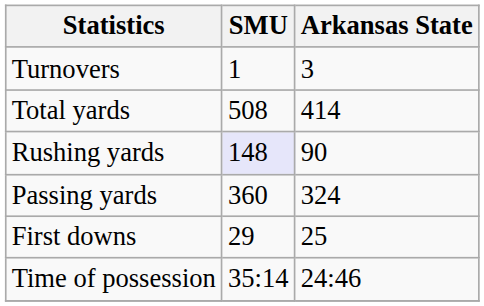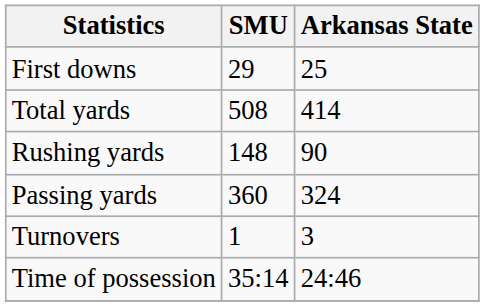 <table class="wikitable" style="float: right;">
 <tr>
 <th>Statistics</th>
 <th>SMU</th>
 <th>Arkansas State</th>
 </tr>
 <tr>
-<td>Turnovers</td>
-<td>1</td>
-<td>3</td>
+<td>First downs</td>
+<td>29</td>
+<td>25</td>
 </tr>
 <tr>
 <td>Total yards</td>
 <td>508</td>
 <td>414</td>
 </tr>
 <tr>
 <td>Rushing yards</td>
-<td style="background: lavender;">148</td>
+<td>148</td>
 <td>90</td>
 </tr>
 <tr>
 <td>Passing yards</td>
 <td>360</td>
 <td>324</td>
 </tr>
 <tr>
-<td>First downs</td>
-<td>29</td>
-<td>25</td>
+<td>Turnovers</td>
+<td>1</td>
+<td>3</td>
 </tr>
 <tr>
 <td>Time of possession</td>
 <td>35:14</td>
 <td>24:46</td>
 </tr>
 <tr>
 </tr>
 </table>
